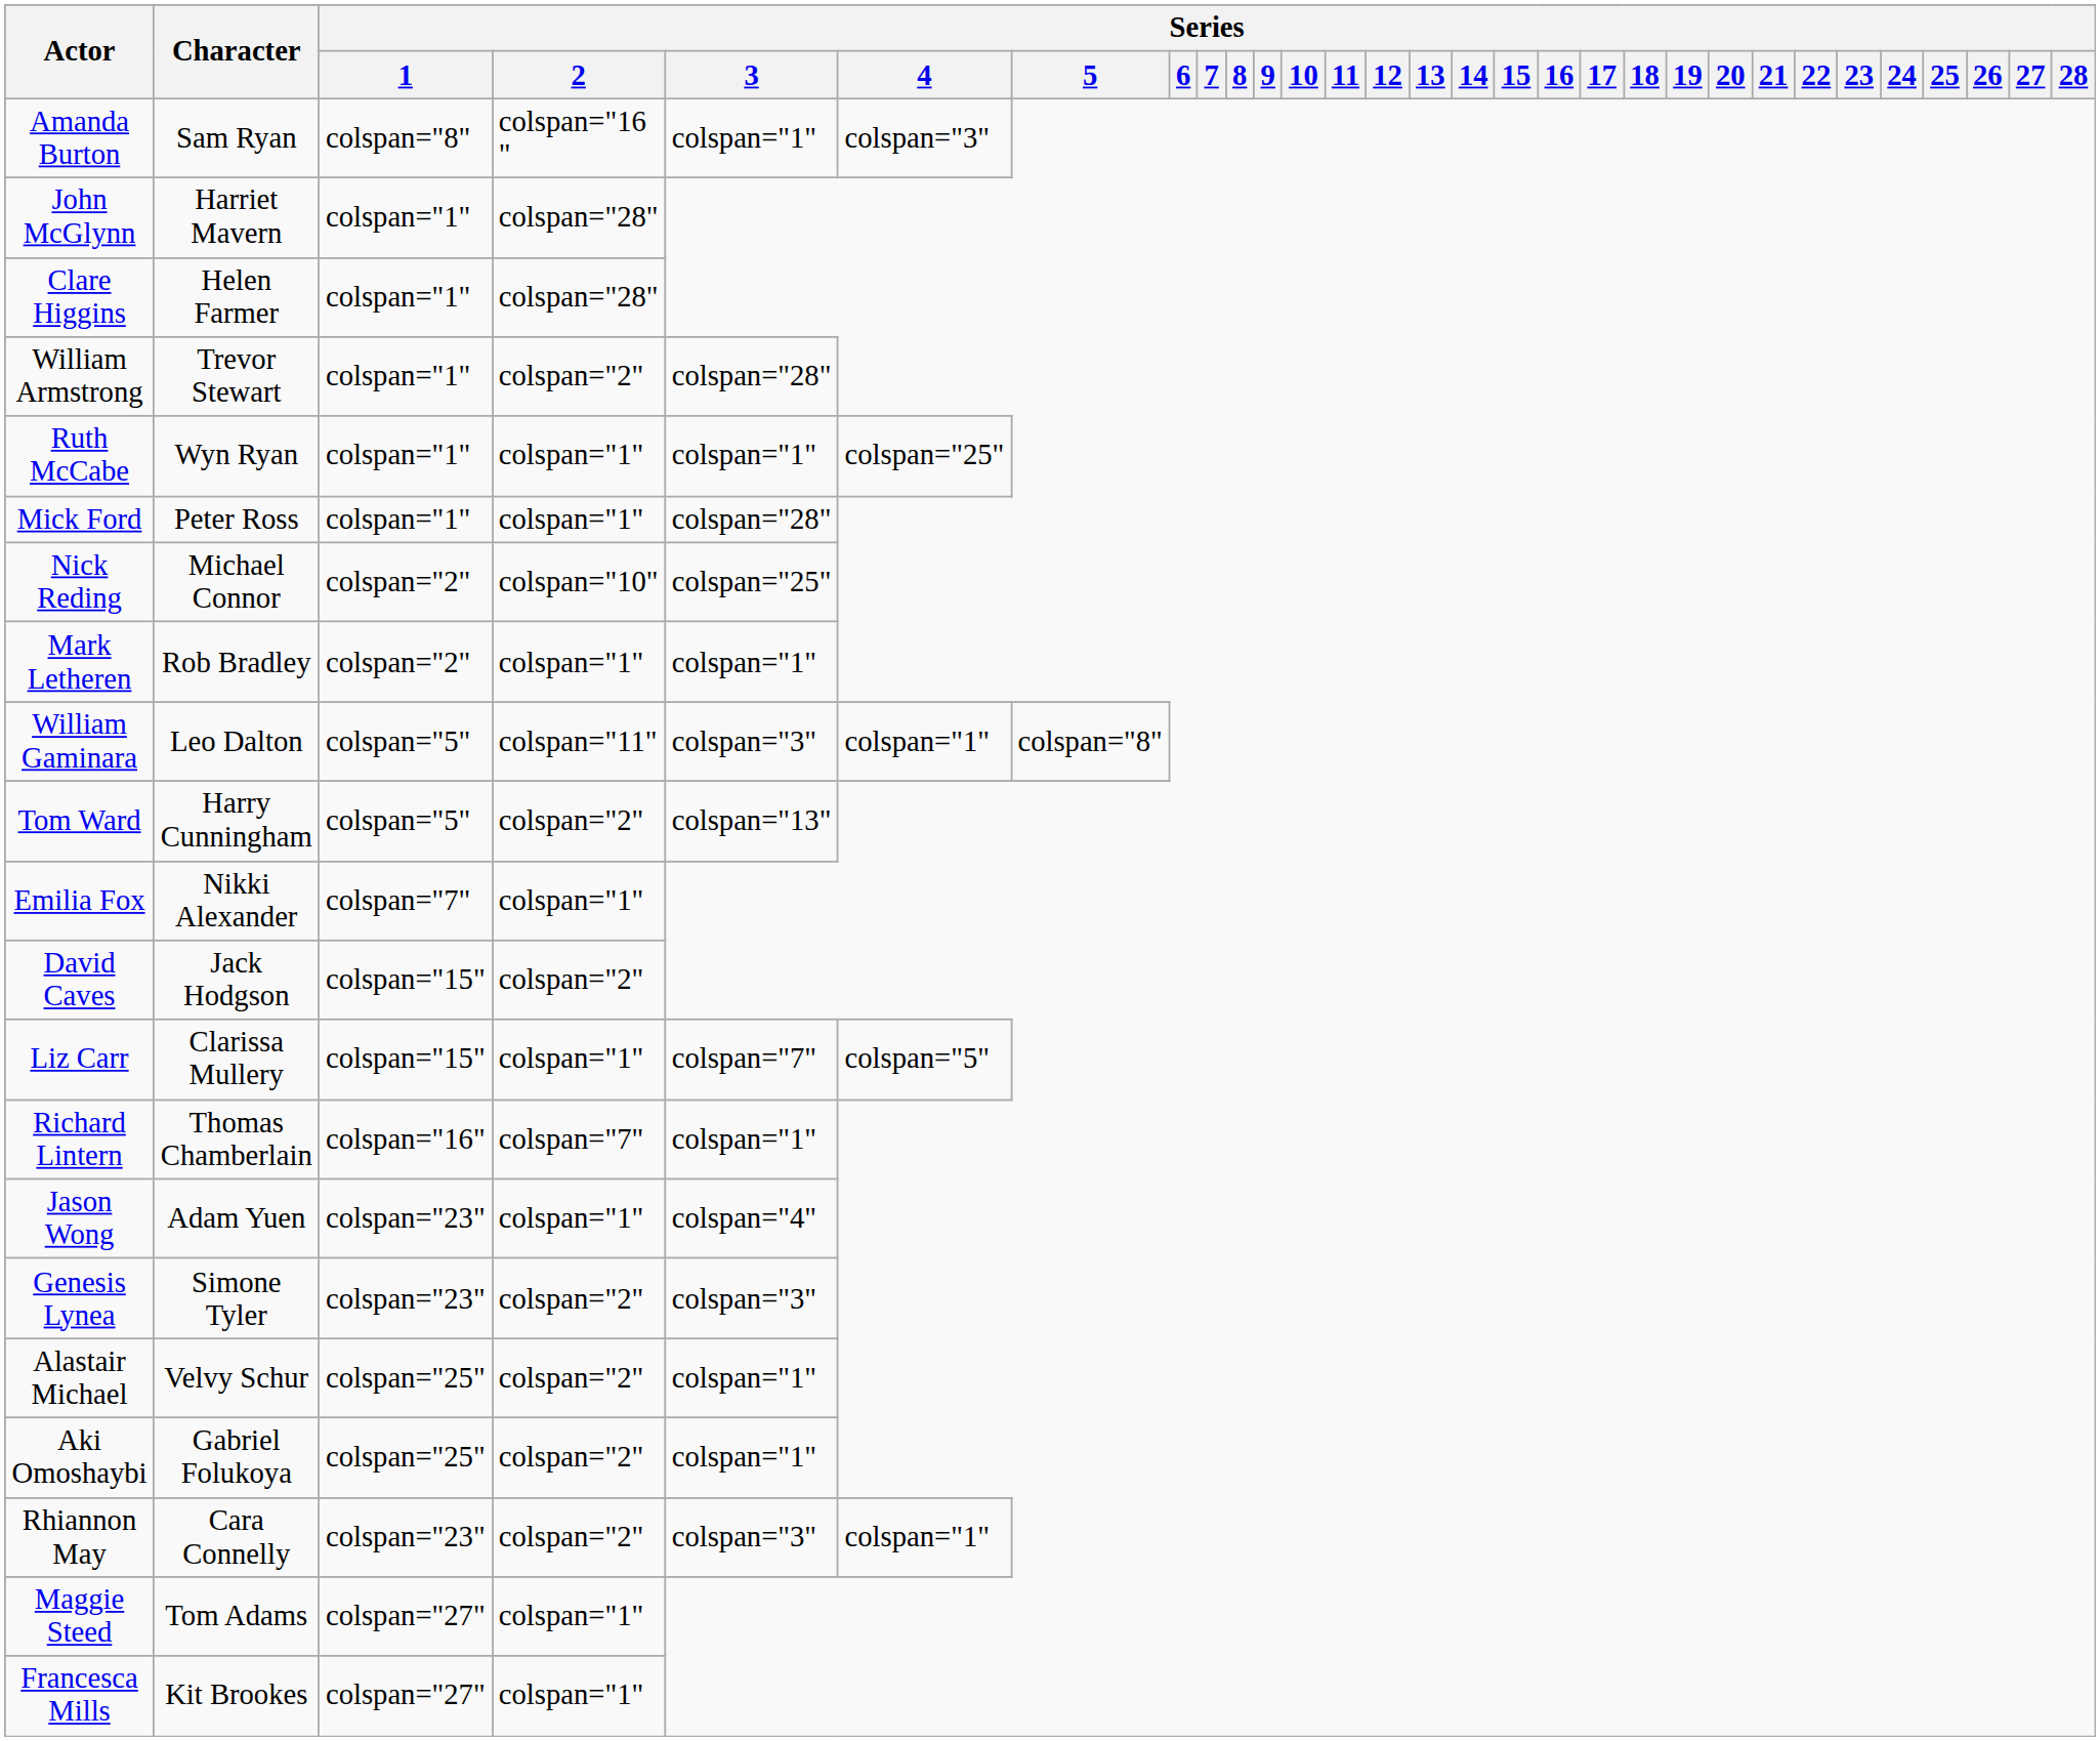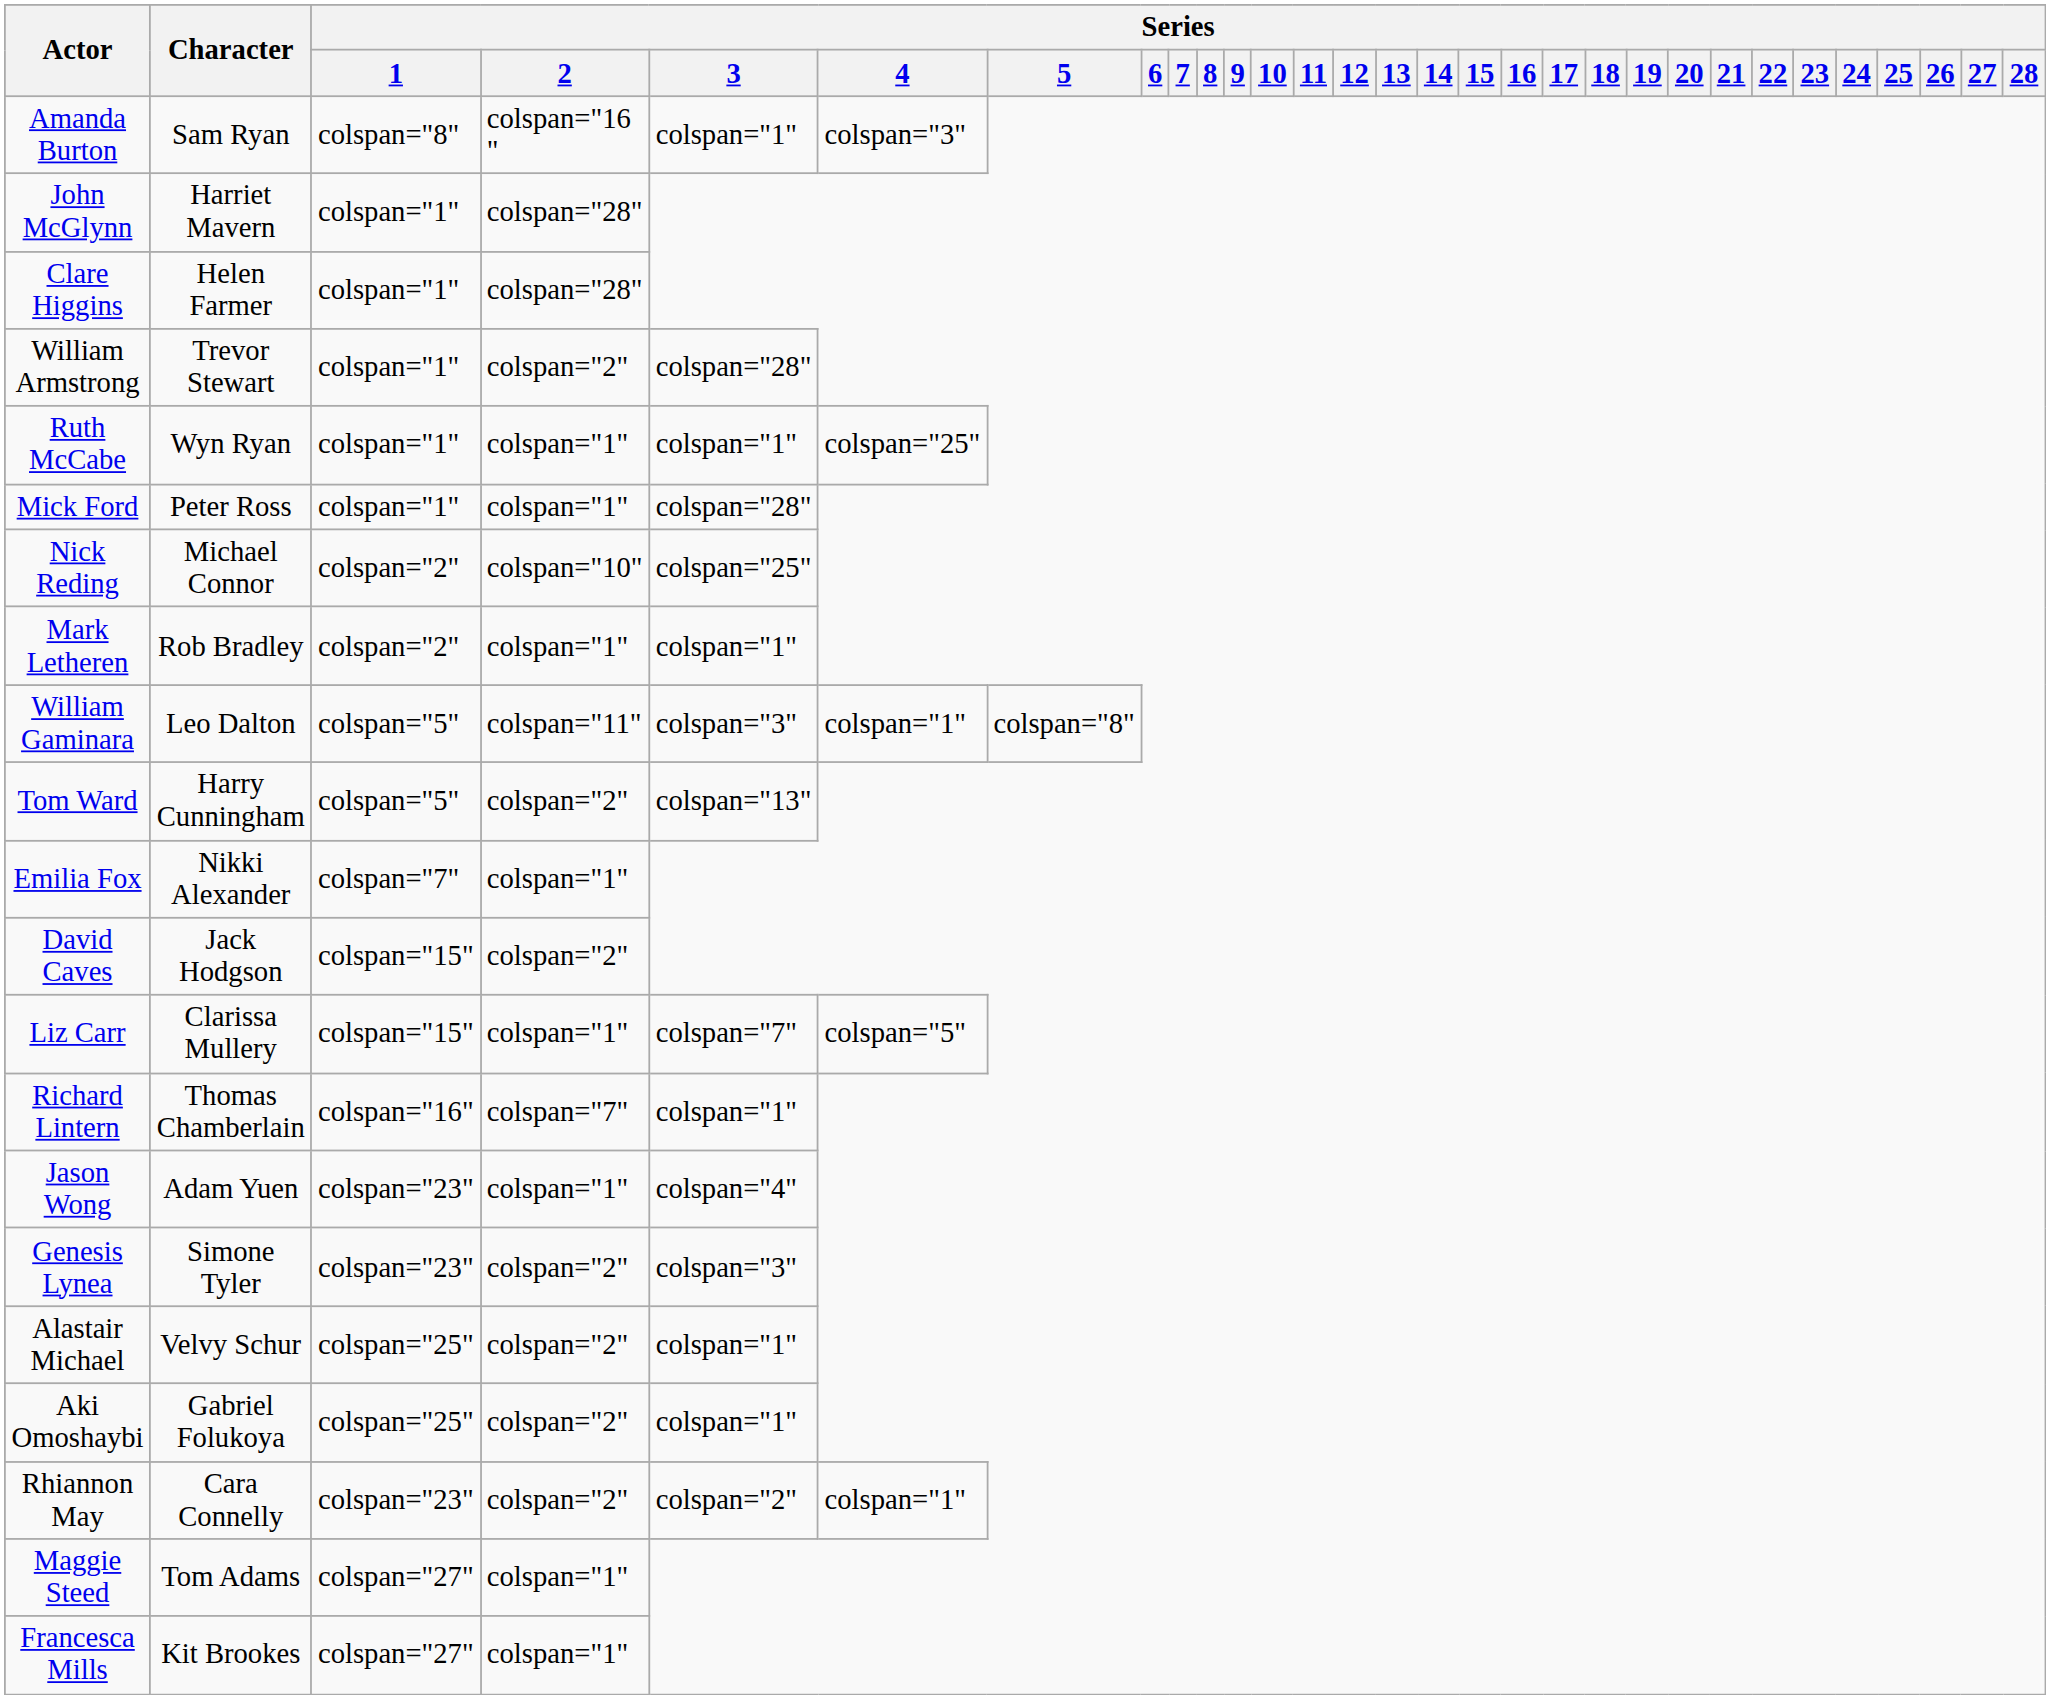 <table class="wikitable" style="width:100%;">
 <tr>
 <th rowspan="2">Actor</th>
 <th rowspan="2">Character</th>
 <th colspan="28">Series</th>
 </tr>
 <tr>
 <th style="width:3%"><a href='#'>1</a></th>
 <th style="width:3%"><a href='#'>2</a></th>
 <th style="width:3%"><a href='#'>3</a></th>
 <th style="width:3%"><a href='#'>4</a></th>
 <th style="width:3%"><a href='#'>5</a></th>
 <th style="width:3%"><a href='#'>6</a></th>
 <th style="width:3%"><a href='#'>7</a></th>
 <th style="width:3%"><a href='#'>8</a></th>
 <th style="width:3%"><a href='#'>9</a></th>
 <th style="width:3%"><a href='#'>10</a></th>
 <th style="width:3%"><a href='#'>11</a></th>
 <th style="width:3%"><a href='#'>12</a></th>
 <th style="width:3%"><a href='#'>13</a></th>
 <th style="width:3%"><a href='#'>14</a></th>
 <th style="width:3%"><a href='#'>15</a></th>
 <th style="width:3%"><a href='#'>16</a></th>
 <th style="width:3%"><a href='#'>17</a></th>
 <th style="width:3%"><a href='#'>18</a></th>
 <th style="width:3%"><a href='#'>19</a></th>
 <th style="width:3%"><a href='#'>20</a></th>
 <th style="width:3%"><a href='#'>21</a></th>
 <th style="width:3%"><a href='#'>22</a></th>
 <th style="width:3%"><a href='#'>23</a></th>
 <th style="width:3%"><a href='#'>24</a></th>
 <th style="width:3%"><a href='#'>25</a></th>
 <th style="width:3%"><a href='#'>26</a></th>
 <th style="width:3%"><a href='#'>27</a></th>
 <th style="width:3%"><a href='#'>28</a></th>
 </tr>
 <tr>
 <td style="text-align:center;"><a href='#'>Amanda Burton</a></td>
 <td style="text-align:center;">Sam Ryan</td>
 <td>colspan="8" </td>
 <td>colspan="16 " </td>
 <td>colspan="1" </td>
 <td>colspan="3" </td>
 </tr>
 <tr>
 <td style="text-align:center;"><a href='#'>John McGlynn</a></td>
 <td style="text-align:center">Harriet Mavern</td>
 <td>colspan="1" </td>
 <td>colspan="28" </td>
 </tr>
 <tr>
 <td style="text-align:center;"><a href='#'>Clare Higgins</a></td>
 <td style="text-align:center;">Helen Farmer</td>
 <td>colspan="1" </td>
 <td>colspan="28" </td>
 </tr>
 <tr>
 <td style="text-align:center;">William Armstrong</td>
 <td style="text-align:center;">Trevor Stewart</td>
 <td>colspan="1" </td>
 <td>colspan="2" </td>
 <td>colspan="28" </td>
 </tr>
 <tr>
 <td style="text-align:center;"><a href='#'>Ruth McCabe</a></td>
 <td style="text-align:center;">Wyn Ryan</td>
 <td>colspan="1" </td>
 <td>colspan="1" </td>
 <td>colspan="1" </td>
 <td>colspan="25" </td>
 </tr>
 <tr>
 <td style="text-align:center;"><a href='#'>Mick Ford</a></td>
 <td style="text-align:center;">Peter Ross</td>
 <td>colspan="1" </td>
 <td>colspan="1" </td>
 <td>colspan="28" </td>
 </tr>
 <tr>
 <td style="text-align:center;"><a href='#'>Nick Reding</a></td>
 <td style="text-align:center;">Michael Connor</td>
 <td>colspan="2" </td>
 <td>colspan="10" </td>
 <td>colspan="25" </td>
 </tr>
 <tr>
 <td style="text-align:center;"><a href='#'>Mark Letheren</a></td>
 <td style="text-align:center;">Rob Bradley</td>
 <td>colspan="2" </td>
 <td>colspan="1" </td>
 <td>colspan="1" </td>
 </tr>
 <tr>
 <td style="text-align:center"><a href='#'>William Gaminara</a></td>
 <td style="text-align:center">Leo Dalton</td>
 <td>colspan="5" </td>
 <td>colspan="11" </td>
 <td>colspan="3" </td>
 <td>colspan="1" </td>
 <td>colspan="8" </td>
 </tr>
 <tr>
 <td style="text-align:center"><a href='#'>Tom Ward</a></td>
 <td style="text-align:center">Harry Cunningham</td>
 <td>colspan="5" </td>
 <td>colspan="2" </td>
 <td>colspan="13" </td>
 </tr>
 <tr>
 <td style="text-align:center"><a href='#'>Emilia Fox</a></td>
 <td style="text-align:center">Nikki Alexander</td>
 <td>colspan="7" </td>
 <td>colspan="1" </td>
 </tr>
 <tr>
 <td style="text-align:center"><a href='#'>David Caves</a></td>
 <td style="text-align:center">Jack Hodgson</td>
 <td>colspan="15" </td>
 <td>colspan="2" </td>
 </tr>
 <tr>
 <td style="text-align:center"><a href='#'>Liz Carr</a></td>
 <td style="text-align:center">Clarissa Mullery</td>
 <td>colspan="15" </td>
 <td>colspan="1" </td>
 <td>colspan="7" </td>
 <td>colspan="5" </td>
 </tr>
 <tr>
 <td style="text-align:center"><a href='#'>Richard Lintern</a></td>
 <td style="text-align:center">Thomas Chamberlain</td>
 <td>colspan="16" </td>
 <td>colspan="7" </td>
 <td>colspan="1" </td>
 </tr>
 <tr>
 <td style="text-align:center"><a href='#'>Jason Wong</a></td>
 <td style="text-align:center">Adam Yuen</td>
 <td>colspan="23" </td>
 <td>colspan="1" </td>
 <td>colspan="4" </td>
 </tr>
 <tr>
 <td style="text-align:center"><a href='#'>Genesis Lynea</a></td>
 <td style="text-align:center">Simone Tyler</td>
 <td>colspan="23" </td>
 <td>colspan="2" </td>
 <td>colspan="3" </td>
 </tr>
 <tr>
 <td style="text-align:center">Alastair Michael</td>
 <td style="text-align:center">Velvy Schur</td>
 <td>colspan="25" </td>
 <td>colspan="2" </td>
 <td>colspan="1" </td>
 </tr>
 <tr>
 <td style="text-align:center">Aki Omoshaybi</td>
 <td style="text-align:center">Gabriel Folukoya</td>
 <td>colspan="25" </td>
 <td>colspan="2" </td>
 <td>colspan="1" </td>
 </tr>
 <tr>
 <td style="text-align:center">Rhiannon May</td>
 <td style="text-align:center">Cara Connelly</td>
 <td>colspan="23" </td>
 <td>colspan="2" </td>
-<td>colspan="3" </td>
+<td>colspan="2" </td>
 <td>colspan="1" </td>
 </tr>
 <tr>
 <td style="text-align:center"><a href='#'>Maggie Steed</a></td>
 <td style="text-align:center;">Tom Adams</td>
 <td>colspan="27" </td>
 <td>colspan="1" </td>
 </tr>
 <tr>
 <td style="text-align:center"><a href='#'>Francesca Mills</a></td>
 <td style="text-align:center">Kit Brookes</td>
 <td>colspan="27" </td>
 <td>colspan="1" </td>
 </tr>
 </table>
